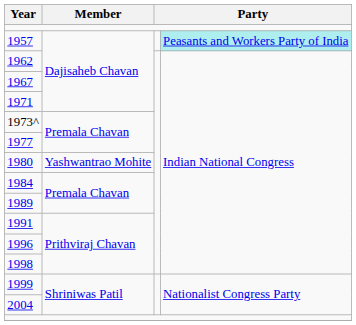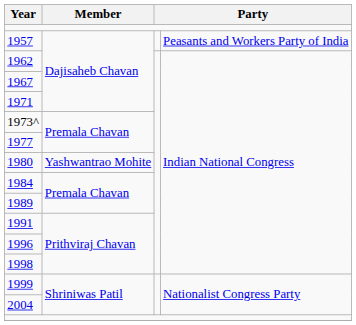 <table class="wikitable">
 <tr>
 <th>Year</th>
 <th>Member</th>
 <th colspan="2">Party</th>
 </tr>
 <tr>
 <td colspan="4"></td>
 </tr>
 <tr>
 <td><a href='#'>1957</a></td>
 <td rowspan="4"><a href='#'>Dajisaheb Chavan</a></td>
 <td style="background-color: "></td>
-<td style="background: paleturquoise;"><a href='#'>Peasants and Workers Party of India</a></td>
+<td><a href='#'>Peasants and Workers Party of India</a></td>
 </tr>
 <tr>
 <td><a href='#'>1962</a></td>
 <td rowspan="11" style="background-color: "></td>
 <td rowspan="11"><a href='#'>Indian National Congress</a></td>
 </tr>
 <tr>
 <td><a href='#'>1967</a></td>
 </tr>
 <tr>
 <td><a href='#'>1971</a></td>
 </tr>
 <tr>
 <td>1973^</td>
 <td rowspan="2"><a href='#'>Premala Chavan</a></td>
 </tr>
 <tr>
 <td><a href='#'>1977</a></td>
 </tr>
 <tr>
 <td><a href='#'>1980</a></td>
 <td><a href='#'>Yashwantrao Mohite</a></td>
 </tr>
 <tr>
 <td><a href='#'>1984</a></td>
 <td rowspan="2"><a href='#'>Premala Chavan</a></td>
 </tr>
 <tr>
 <td><a href='#'>1989</a></td>
 </tr>
 <tr>
 <td><a href='#'>1991</a></td>
 <td rowspan="3"><a href='#'>Prithviraj Chavan</a></td>
 </tr>
 <tr>
 <td><a href='#'>1996</a></td>
 </tr>
 <tr>
 <td><a href='#'>1998</a></td>
 </tr>
 <tr>
 <td><a href='#'>1999</a></td>
 <td rowspan="2"><a href='#'>Shriniwas Patil</a></td>
 <td rowspan="2" style="background-color: "></td>
 <td rowspan="2"><a href='#'>Nationalist Congress Party</a></td>
 </tr>
 <tr>
 <td><a href='#'>2004</a></td>
 </tr>
 <tr>
 <td colspan="4"></td>
 </tr>
 <tr>
 </tr>
 </table>
